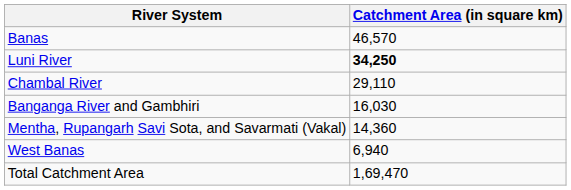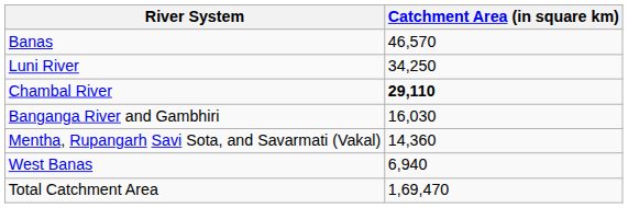 <table class="wikitable">
 <tr>
 <th>River System</th>
 <th><a href='#'>Catchment Area</a> (in square km)</th>
 </tr>
 <tr>
 <td><a href='#'>Banas</a></td>
 <td>46,570</td>
 </tr>
 <tr>
 <td><a href='#'>Luni River</a></td>
-<td><strong>34,250</strong></td>
+<td>34,250</td>
 </tr>
 <tr>
 <td><a href='#'>Chambal River</a></td>
-<td>29,110</td>
+<td><strong>29,110</strong></td>
 </tr>
 <tr>
 <td><a href='#'>Banganga River</a> and Gambhiri</td>
 <td>16,030</td>
 </tr>
 <tr>
 <td><a href='#'>Mentha</a>, <a href='#'>Rupangarh</a> <a href='#'>Savi</a> Sota, and Savarmati (Vakal)</td>
 <td>14,360</td>
 </tr>
 <tr>
 <td><a href='#'>West Banas</a></td>
 <td>6,940</td>
 </tr>
 <tr>
 <td>Total Catchment Area</td>
 <td>1,69,470</td>
 </tr>
 </table>
